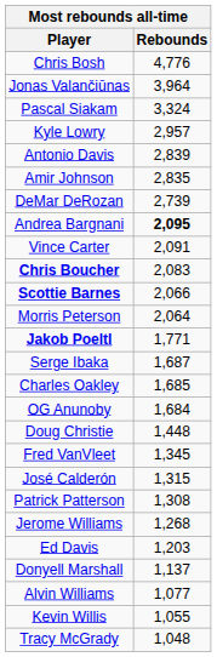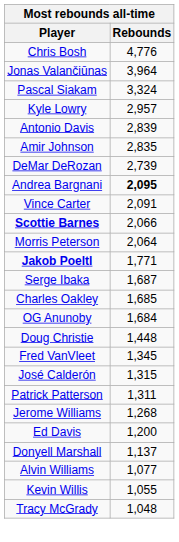 <table class="wikitable sortable" style="text-align:center">
 <tr>
 <th colspan="2">Most rebounds all-time</th>
 </tr>
 <tr>
 <th>Player</th>
 <th>Rebounds</th>
 </tr>
 <tr>
 <td><a href='#'>Chris Bosh</a></td>
 <td>4,776</td>
 </tr>
 <tr>
 <td><a href='#'>Jonas Valančiūnas</a></td>
 <td>3,964</td>
 </tr>
 <tr>
 <td><a href='#'>Pascal Siakam</a></td>
 <td>3,324</td>
 </tr>
 <tr>
 <td><a href='#'>Kyle Lowry</a></td>
 <td>2,957</td>
 </tr>
 <tr>
 <td><a href='#'>Antonio Davis</a></td>
 <td>2,839</td>
 </tr>
 <tr>
 <td><a href='#'>Amir Johnson</a></td>
 <td>2,835</td>
 </tr>
 <tr>
 <td><a href='#'>DeMar DeRozan</a></td>
 <td>2,739</td>
 </tr>
 <tr>
 <td><a href='#'>Andrea Bargnani</a></td>
 <td><strong>2,095</strong></td>
 </tr>
 <tr>
 <td><a href='#'>Vince Carter</a></td>
 <td>2,091</td>
 </tr>
 <tr>
-<td><strong><a href='#'>Chris Boucher</a></strong></td>
-<td>2,083</td>
-</tr>
-<tr>
 <td><strong><a href='#'>Scottie Barnes</a></strong></td>
 <td>2,066</td>
 </tr>
 <tr>
 <td><a href='#'>Morris Peterson</a></td>
 <td>2,064</td>
 </tr>
 <tr>
 <td><strong><a href='#'>Jakob Poeltl</a></strong></td>
 <td>1,771</td>
 </tr>
 <tr>
 <td><a href='#'>Serge Ibaka</a></td>
 <td>1,687</td>
 </tr>
 <tr>
 <td><a href='#'>Charles Oakley</a></td>
 <td>1,685</td>
 </tr>
 <tr>
 <td><a href='#'>OG Anunoby</a></td>
 <td>1,684</td>
 </tr>
 <tr>
 <td><a href='#'>Doug Christie</a></td>
 <td>1,448</td>
 </tr>
 <tr>
 <td><a href='#'>Fred VanVleet</a></td>
 <td>1,345</td>
 </tr>
 <tr>
 <td><a href='#'>José Calderón</a></td>
 <td>1,315</td>
 </tr>
 <tr>
 <td><a href='#'>Patrick Patterson</a></td>
-<td>1,308</td>
+<td>1,311</td>
 </tr>
 <tr>
 <td><a href='#'>Jerome Williams</a></td>
 <td>1,268</td>
 </tr>
 <tr>
 <td><a href='#'>Ed Davis</a></td>
-<td>1,203</td>
+<td>1,200</td>
 </tr>
 <tr>
 <td><a href='#'>Donyell Marshall</a></td>
 <td>1,137</td>
 </tr>
 <tr>
 <td><a href='#'>Alvin Williams</a></td>
 <td>1,077</td>
 </tr>
 <tr>
 <td><a href='#'>Kevin Willis</a></td>
 <td>1,055</td>
 </tr>
 <tr>
 <td><a href='#'>Tracy McGrady</a></td>
 <td>1,048</td>
 </tr>
 </table>
